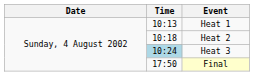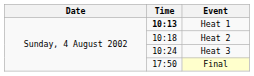 <table class = "wikitable" style="text-align:center;">
 <tr>
 <th width=220>Date</th>
 <th width=50>Time</th>
 <th width=100>Event</th>
 </tr>
 <tr>
 <td rowspan=4>Sunday, 4 August 2002</td>
-<td>10:13</td>
+<td><strong>10:13</strong></td>
 <td>Heat 1</td>
 </tr>
 <tr>
 <td>10:18</td>
 <td>Heat 2</td>
 </tr>
 <tr>
-<td style="background: lightblue;">10:24</td>
+<td>10:24</td>
 <td>Heat 3</td>
 </tr>
 <tr>
 <td>17:50</td>
 <td bgcolor=ffffcc>Final</td>
 </tr>
 </table>
